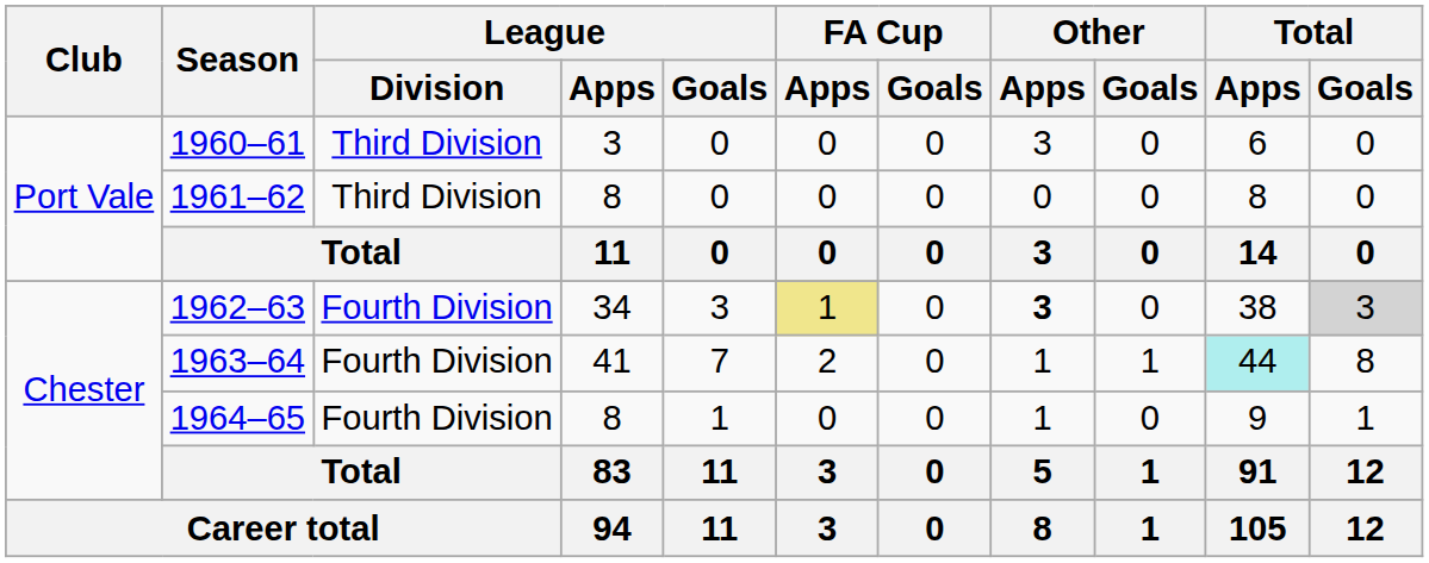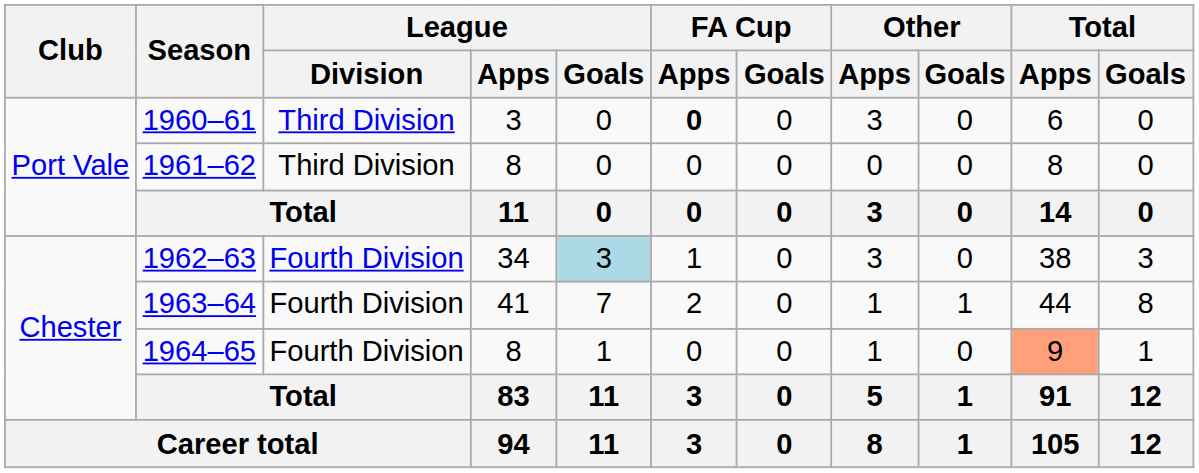 <table class="wikitable" style="text-align: center;">
 <tr>
 <th rowspan="2">Club</th>
 <th rowspan="2">Season</th>
 <th colspan="3">League</th>
 <th colspan="2">FA Cup</th>
 <th colspan="2">Other</th>
 <th colspan="2">Total</th>
 </tr>
 <tr>
 <th>Division</th>
 <th>Apps</th>
 <th>Goals</th>
 <th>Apps</th>
 <th>Goals</th>
 <th>Apps</th>
 <th>Goals</th>
 <th>Apps</th>
 <th>Goals</th>
 </tr>
 <tr>
 <td rowspan="3"><a href='#'>Port Vale</a></td>
 <td><a href='#'>1960–61</a></td>
 <td><a href='#'>Third Division</a></td>
 <td>3</td>
 <td>0</td>
-<td>0</td>
+<td><strong>0</strong></td>
 <td>0</td>
 <td>3</td>
 <td>0</td>
 <td>6</td>
 <td>0</td>
 </tr>
 <tr>
 <td><a href='#'>1961–62</a></td>
 <td>Third Division</td>
 <td>8</td>
 <td>0</td>
 <td>0</td>
 <td>0</td>
 <td>0</td>
 <td>0</td>
 <td>8</td>
 <td>0</td>
 </tr>
 <tr>
 <th colspan="2">Total</th>
 <th>11</th>
 <th>0</th>
 <th>0</th>
 <th>0</th>
 <th>3</th>
 <th>0</th>
 <th>14</th>
 <th>0</th>
 </tr>
 <tr>
 <td rowspan="4"><a href='#'>Chester</a></td>
 <td><a href='#'>1962–63</a></td>
 <td><a href='#'>Fourth Division</a></td>
 <td>34</td>
+<td style="background: lightblue;">3</td>
+<td>1</td>
+<td>0</td>
 <td>3</td>
-<td style="background: khaki;">1</td>
-<td>0</td>
-<td><strong>3</strong></td>
 <td>0</td>
 <td>38</td>
-<td style="background: lightgrey;">3</td>
+<td>3</td>
 </tr>
 <tr>
 <td><a href='#'>1963–64</a></td>
 <td>Fourth Division</td>
 <td>41</td>
 <td>7</td>
 <td>2</td>
 <td>0</td>
 <td>1</td>
 <td>1</td>
-<td style="background: paleturquoise;">44</td>
+<td>44</td>
 <td>8</td>
 </tr>
 <tr>
 <td><a href='#'>1964–65</a></td>
 <td>Fourth Division</td>
 <td>8</td>
 <td>1</td>
 <td>0</td>
 <td>0</td>
 <td>1</td>
 <td>0</td>
-<td>9</td>
+<td style="background: lightsalmon;">9</td>
 <td>1</td>
 </tr>
 <tr>
 <th colspan="2">Total</th>
 <th>83</th>
 <th>11</th>
 <th>3</th>
 <th>0</th>
 <th>5</th>
 <th>1</th>
 <th>91</th>
 <th>12</th>
 </tr>
 <tr>
 <th colspan="3">Career total</th>
 <th>94</th>
 <th>11</th>
 <th>3</th>
 <th>0</th>
 <th>8</th>
 <th>1</th>
 <th>105</th>
 <th>12</th>
 </tr>
 </table>
